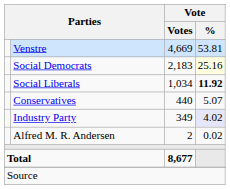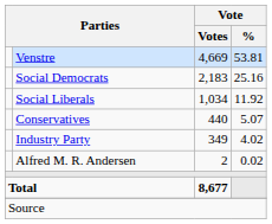 <table class="wikitable" style="text-align:right;">
 <tr>
 <th style="text-align:centre;" rowspan="2" colspan="2" width="225">Parties</th>
 <th colspan="3">Vote</th>
 </tr>
 <tr>
 <th width="15">Votes</th>
 <th width="15">%</th>
 </tr>
 <tr>
 <td width="2" style="color:inherit;background:"></td>
 <td bgcolor=#cfe5fe  align="left"><a href='#'>Venstre</a></td>
 <td bgcolor=#cfe5fe>4,669</td>
 <td bgcolor=#cfe5fe>53.81</td>
 </tr>
 <tr>
 <td width="2" style="color:inherit;background:"></td>
 <td align="left"><a href='#'>Social Democrats</a></td>
 <td>2,183</td>
-<td style="background: lightyellow;">25.16</td>
+<td>25.16</td>
 </tr>
 <tr>
 <td width="2" style="color:inherit;background:"></td>
 <td align="left"><a href='#'>Social Liberals</a></td>
 <td>1,034</td>
-<td><strong>11.92</strong></td>
+<td>11.92</td>
 </tr>
 <tr>
 <td width="2" style="color:inherit;background:"></td>
 <td align="left"><a href='#'>Conservatives</a></td>
 <td>440</td>
 <td>5.07</td>
 </tr>
 <tr>
 <td width="2" style="color:inherit;background:"></td>
 <td align="left"><a href='#'>Industry Party</a></td>
 <td>349</td>
-<td style="background: lavender;">4.02</td>
+<td>4.02</td>
 </tr>
 <tr>
 <td width="2" style="color:inherit;background:"></td>
 <td align="left">Alfred M. R. Andersen</td>
 <td>2</td>
 <td>0.02</td>
 </tr>
 <tr>
 <td colspan="7" bgcolor="#E9E9E9"></td>
 </tr>
 <tr>
 <td align="left" colspan="2"><strong>Total</strong></td>
 <td><strong>8,677</strong></td>
 <td bgcolor="#E9E9E9" colspan="2"></td>
 </tr>
 <tr>
 </tr>
 <tr>
 <td align="left" colspan="6">Source</td>
 </tr>
 </table>
